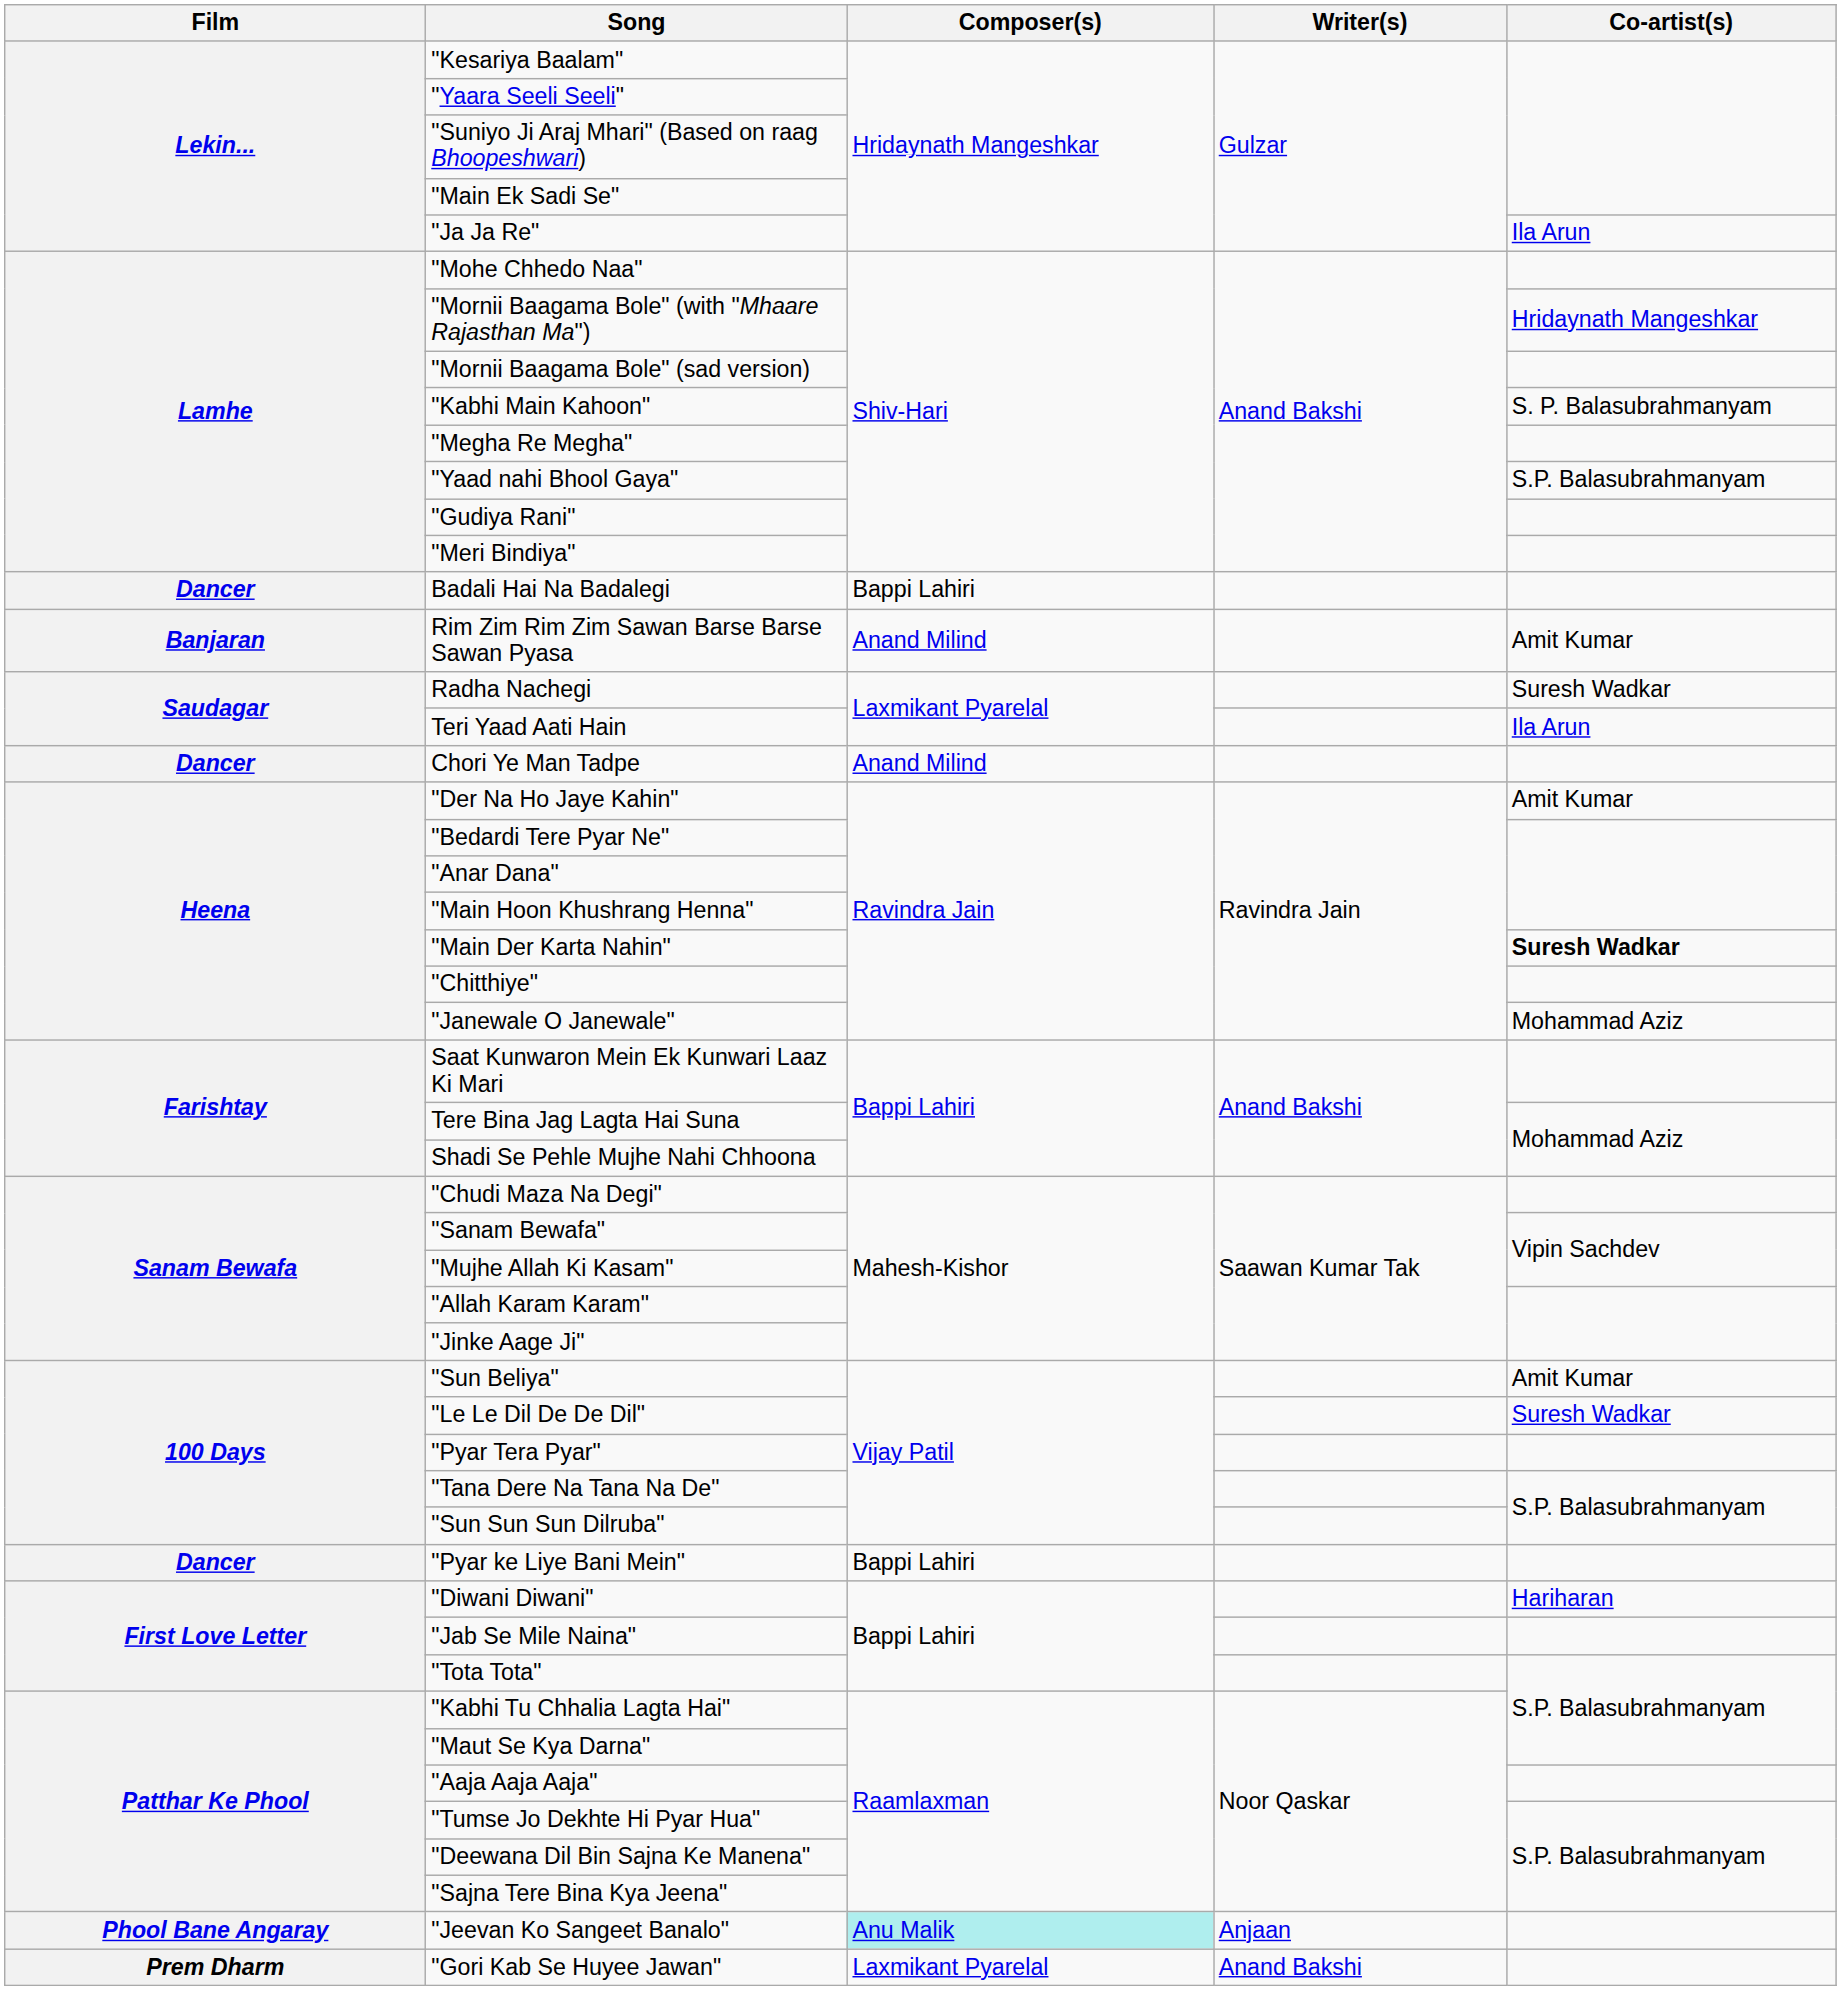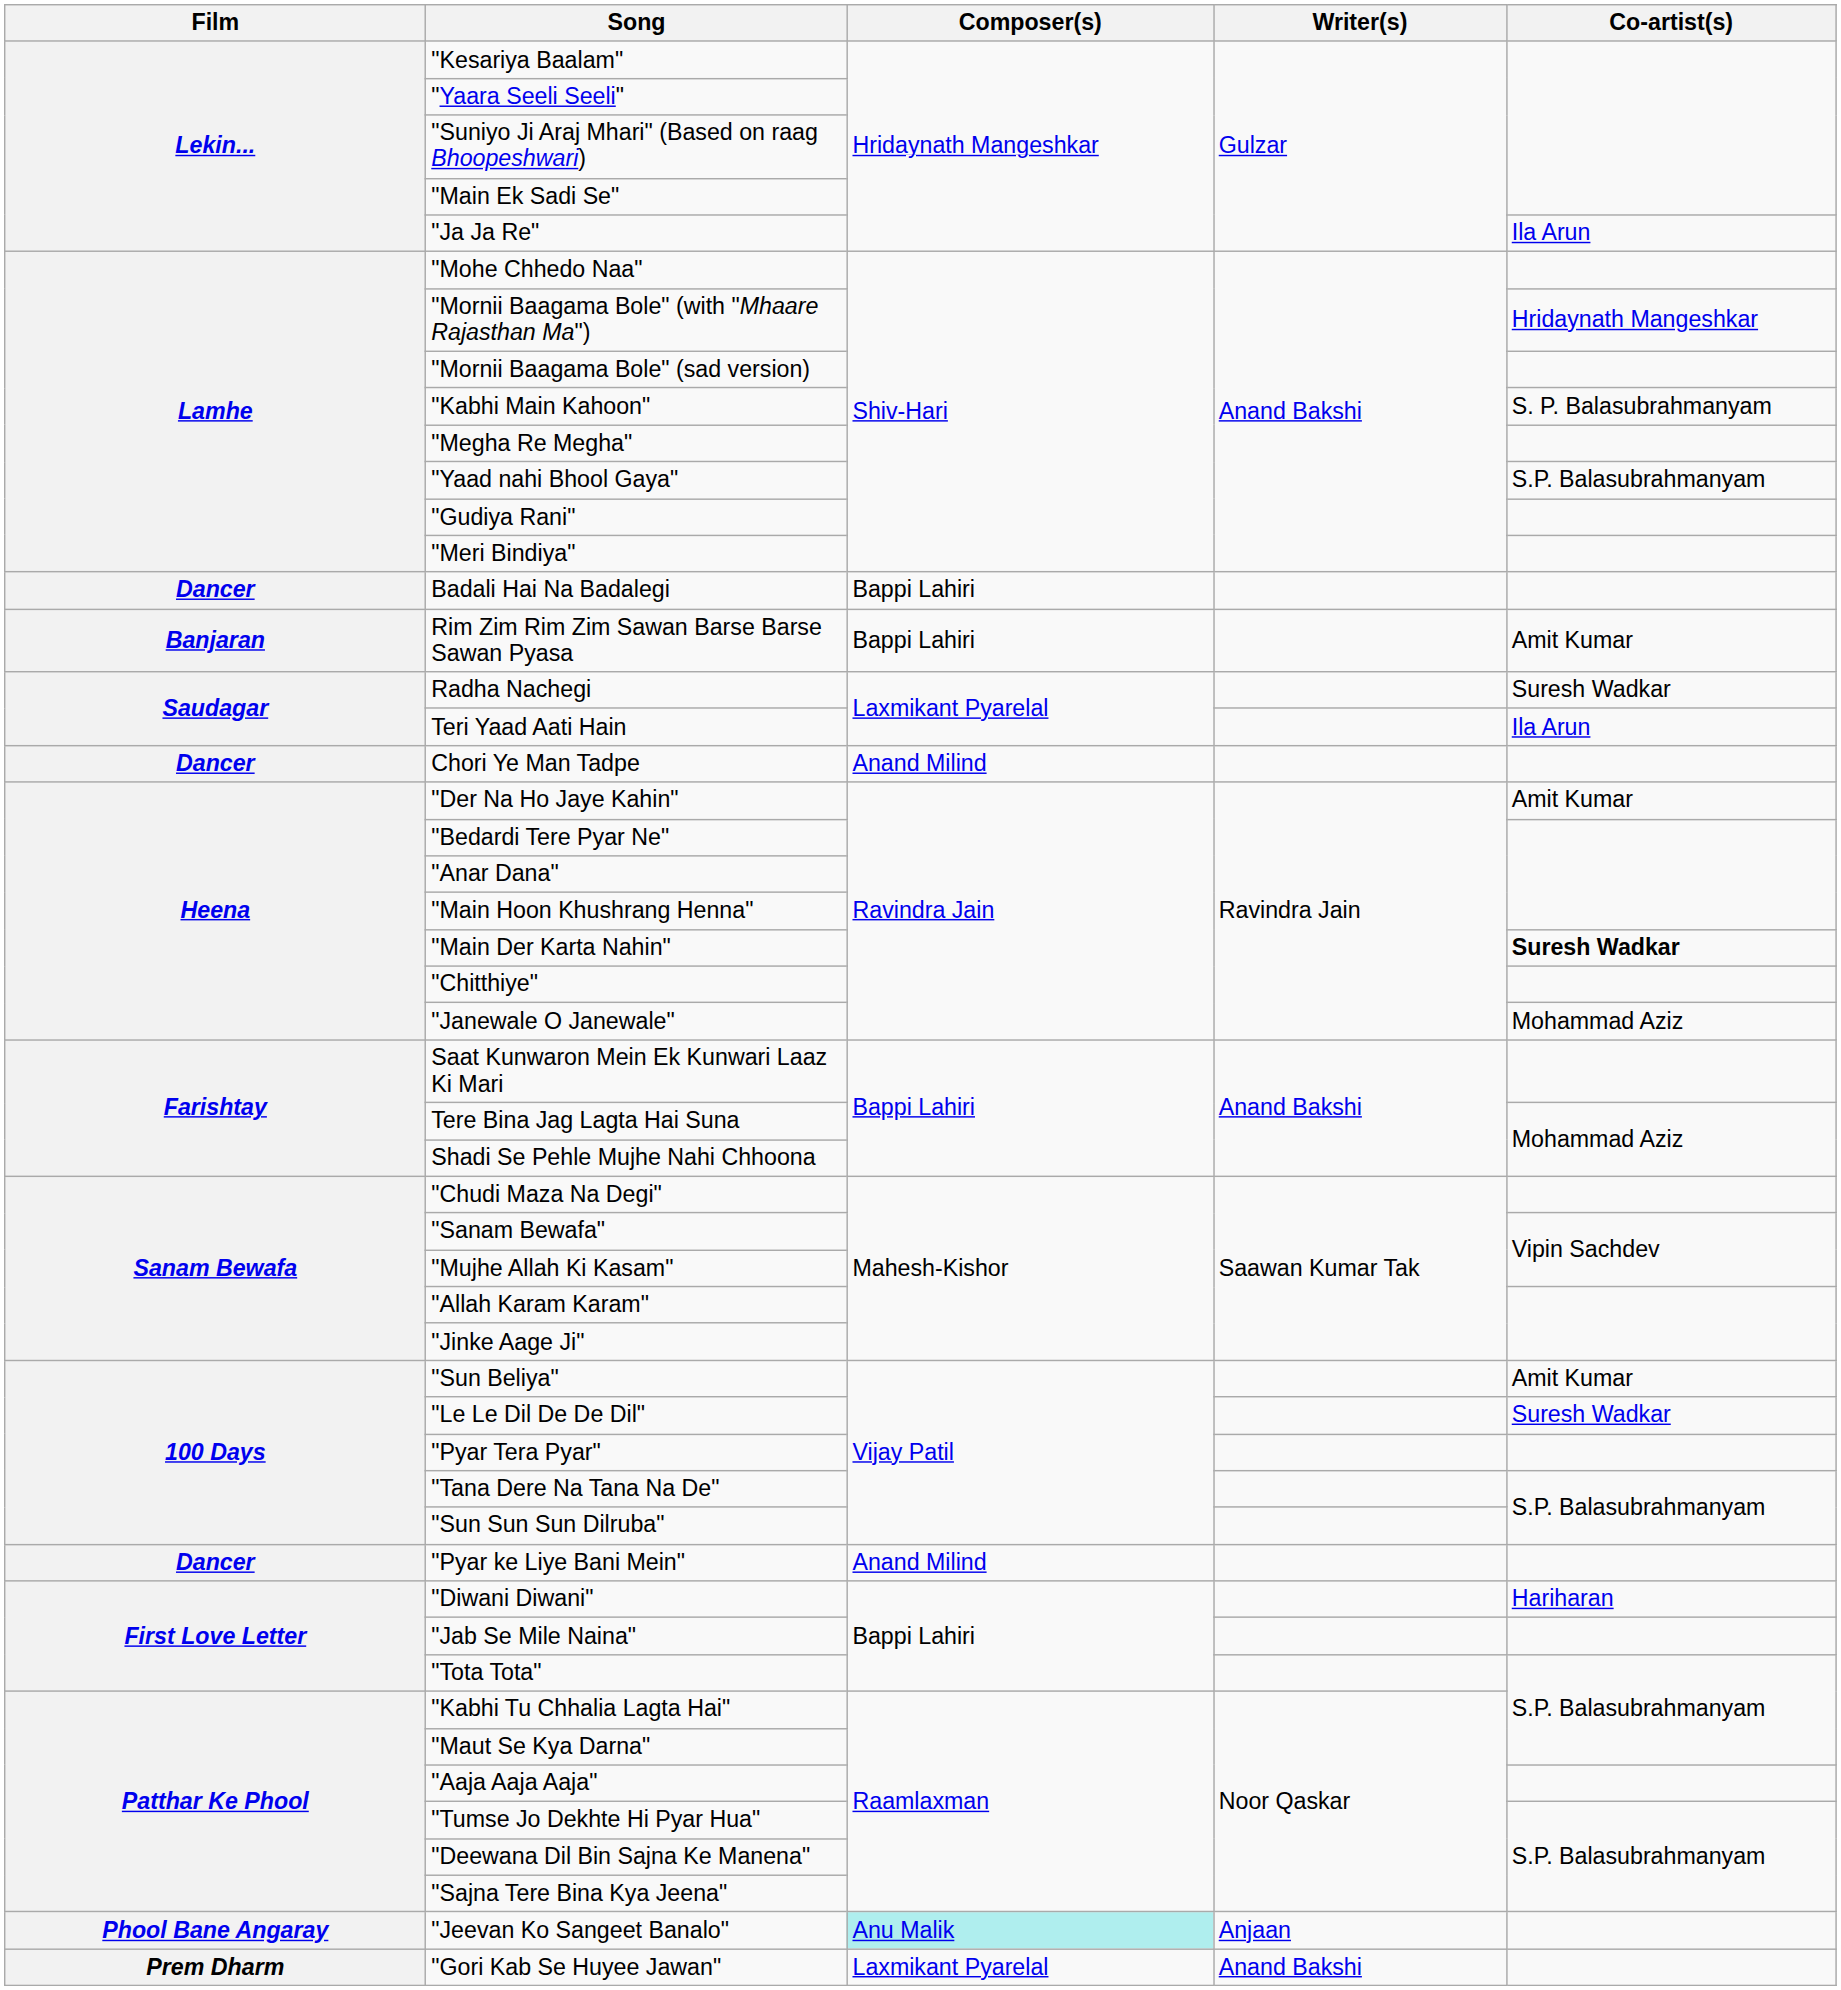 <table class="wikitable plainrowheaders" style="width:100%; textcolor:#000">
 <tr style="background:#b0e0e66;">
 <th scope="col" style="width:23%;"><strong>Film</strong></th>
 <th scope="col" style="width:23%;"><strong>Song</strong></th>
 <th scope="col" style="width:20%;"><strong>Composer(s)</strong></th>
 <th scope="col" style="width:16%;"><strong>Writer(s)</strong></th>
 <th scope="col" style="width:18%;"><strong>Co-artist(s)</strong></th>
 </tr>
 <tr>
 <th Rowspan=5><em><a href='#'>Lekin...</a></em></th>
 <td>"Kesariya Baalam"</td>
 <td rowspan=5><a href='#'>Hridaynath Mangeshkar</a></td>
 <td rowspan=5><a href='#'>Gulzar</a></td>
 <td rowspan=4></td>
 </tr>
 <tr>
 <td>"<a href='#'>Yaara Seeli Seeli</a>"</td>
 </tr>
 <tr>
 <td>"Suniyo Ji Araj Mhari" (Based on raag <em><a href='#'>Bhoopeshwari</a></em>)</td>
 </tr>
 <tr>
 <td>"Main Ek Sadi Se"</td>
 </tr>
 <tr>
 <td>"Ja Ja Re"</td>
 <td><a href='#'>Ila Arun</a></td>
 </tr>
 <tr>
 <th Rowspan=8><em><a href='#'>Lamhe</a></em></th>
 <td>"Mohe Chhedo Naa"</td>
 <td rowspan=8><a href='#'>Shiv-Hari</a></td>
 <td rowspan=8><a href='#'>Anand Bakshi</a></td>
 <td></td>
 </tr>
 <tr>
 <td>"Mornii Baagama Bole" (with "<em>Mhaare Rajasthan Ma</em>")</td>
 <td><a href='#'>Hridaynath Mangeshkar</a></td>
 </tr>
 <tr>
 <td>"Mornii Baagama Bole" (sad version)</td>
 <td></td>
 </tr>
 <tr>
 <td>"Kabhi Main Kahoon"</td>
 <td>S. P. Balasubrahmanyam</td>
 </tr>
 <tr>
 <td>"Megha Re Megha"</td>
 <td></td>
 </tr>
 <tr>
 <td>"Yaad nahi Bhool Gaya"</td>
 <td>S.P. Balasubrahmanyam</td>
 </tr>
 <tr>
 <td>"Gudiya Rani"</td>
 <td></td>
 </tr>
 <tr>
 <td>"Meri Bindiya"</td>
 <td></td>
 </tr>
 <tr>
 <th><em><a href='#'>Dancer</a></em></th>
 <td>Badali Hai Na Badalegi</td>
 <td>Bappi Lahiri</td>
 <td></td>
 <td></td>
 </tr>
 <tr>
 <th><em><a href='#'>Banjaran</a></em></th>
 <td>Rim Zim Rim Zim Sawan Barse Barse Sawan Pyasa</td>
-<td><a href='#'>Anand Milind</a></td>
+<td>Bappi Lahiri</td>
 <td></td>
 <td>Amit Kumar</td>
 </tr>
 <tr>
 <th Rowspan=2><em><a href='#'>Saudagar</a></em></th>
 <td>Radha Nachegi</td>
 <td rowspan=2><a href='#'>Laxmikant Pyarelal</a></td>
 <td></td>
 <td>Suresh Wadkar</td>
 </tr>
 <tr>
 <td>Teri Yaad Aati Hain</td>
 <td></td>
 <td><a href='#'>Ila Arun</a></td>
 </tr>
 <tr>
 <th><em><a href='#'>Dancer</a></em></th>
 <td>Chori Ye Man Tadpe</td>
 <td><a href='#'>Anand Milind</a></td>
 <td></td>
 <td></td>
 </tr>
 <tr>
 <th Rowspan=7><em><a href='#'>Heena</a></em></th>
 <td>"Der Na Ho Jaye Kahin"</td>
 <td rowspan=7><a href='#'>Ravindra Jain</a></td>
 <td rowspan=7>Ravindra Jain</td>
 <td>Amit Kumar</td>
 </tr>
 <tr>
 <td>"Bedardi Tere Pyar Ne"</td>
 <td rowspan=3></td>
 </tr>
 <tr>
 <td>"Anar Dana"</td>
 </tr>
 <tr>
 <td>"Main Hoon Khushrang Henna"</td>
 </tr>
 <tr>
 <td>"Main Der Karta Nahin"</td>
 <td><strong>Suresh Wadkar</strong></td>
 </tr>
 <tr>
 <td>"Chitthiye"</td>
 <td></td>
 </tr>
 <tr>
 <td>"Janewale O Janewale"</td>
 <td>Mohammad Aziz</td>
 </tr>
 <tr>
 <th Rowspan=3><em><a href='#'>Farishtay</a></em></th>
 <td>Saat Kunwaron Mein Ek Kunwari Laaz Ki Mari</td>
 <td rowspan=3><a href='#'>Bappi Lahiri</a></td>
 <td rowspan=3><a href='#'>Anand Bakshi</a></td>
 <td></td>
 </tr>
 <tr>
 <td>Tere Bina Jag Lagta Hai Suna</td>
 <td rowspan=2>Mohammad Aziz</td>
 </tr>
 <tr>
 <td>Shadi Se Pehle Mujhe Nahi Chhoona</td>
 </tr>
 <tr>
 <th rowspan=5><em><a href='#'>Sanam Bewafa</a></em></th>
 <td>"Chudi Maza Na Degi"</td>
 <td rowspan=5>Mahesh-Kishor</td>
 <td rowspan=5>Saawan Kumar Tak</td>
 <td></td>
 </tr>
 <tr>
 <td>"Sanam Bewafa"</td>
 <td rowspan=2>Vipin Sachdev</td>
 </tr>
 <tr>
 <td>"Mujhe Allah Ki Kasam"</td>
 </tr>
 <tr>
 <td>"Allah Karam Karam"</td>
 <td rowspan=2></td>
 </tr>
 <tr>
 <td>"Jinke Aage Ji"</td>
 </tr>
 <tr>
 <th rowspan=5><em><a href='#'>100 Days</a></em></th>
 <td>"Sun Beliya"</td>
 <td rowspan=5><a href='#'>Vijay Patil</a></td>
 <td></td>
 <td>Amit Kumar</td>
 </tr>
 <tr>
 <td>"Le Le Dil De De Dil"</td>
 <td></td>
 <td><a href='#'>Suresh Wadkar</a></td>
 </tr>
 <tr>
 <td>"Pyar Tera Pyar"</td>
 <td></td>
 <td></td>
 </tr>
 <tr>
 <td>"Tana Dere Na Tana Na De"</td>
 <td></td>
 <td rowspan=2>S.P. Balasubrahmanyam</td>
 </tr>
 <tr>
 <td>"Sun Sun Sun Dilruba"</td>
 </tr>
 <tr>
 <th><em><a href='#'>Dancer</a></em></th>
 <td>"Pyar ke Liye Bani Mein"</td>
-<td>Bappi Lahiri</td>
+<td><a href='#'>Anand Milind</a></td>
 <td></td>
 <td></td>
 </tr>
 <tr>
 <th Rowspan=3><em><a href='#'>First Love Letter</a></em></th>
 <td>"Diwani Diwani"</td>
 <td rowspan=3>Bappi Lahiri</td>
 <td></td>
 <td><a href='#'>Hariharan</a></td>
 </tr>
 <tr>
 <td>"Jab Se Mile Naina"</td>
 <td></td>
 <td></td>
 </tr>
 <tr>
 <td>"Tota Tota"</td>
 <td></td>
 <td rowspan=3>S.P. Balasubrahmanyam</td>
 </tr>
 <tr>
 <th Rowspan=6><em><a href='#'>Patthar Ke Phool</a></em></th>
 <td>"Kabhi Tu Chhalia Lagta Hai"</td>
 <td rowspan=6><a href='#'>Raamlaxman</a></td>
 <td rowspan=6>Noor Qaskar</td>
 </tr>
 <tr>
 <td>"Maut Se Kya Darna"</td>
 </tr>
 <tr>
 <td>"Aaja Aaja Aaja"</td>
 <td></td>
 </tr>
 <tr>
 <td>"Tumse Jo Dekhte Hi Pyar Hua"</td>
 <td rowspan=3>S.P. Balasubrahmanyam</td>
 </tr>
 <tr>
 <td>"Deewana Dil Bin Sajna Ke Manena"</td>
 </tr>
 <tr>
 <td>"Sajna Tere Bina Kya Jeena"</td>
 </tr>
 <tr>
 <th><em><a href='#'>Phool Bane Angaray</a></em></th>
 <td>"Jeevan Ko Sangeet Banalo"</td>
 <td style="background: paleturquoise;"><a href='#'>Anu Malik</a></td>
 <td><a href='#'>Anjaan</a></td>
 <td></td>
 </tr>
 <tr>
 <th><em>Prem Dharm</em></th>
 <td>"Gori Kab Se Huyee Jawan"</td>
 <td><a href='#'>Laxmikant Pyarelal</a></td>
 <td><a href='#'>Anand Bakshi</a></td>
 <td></td>
 </tr>
 </table>
